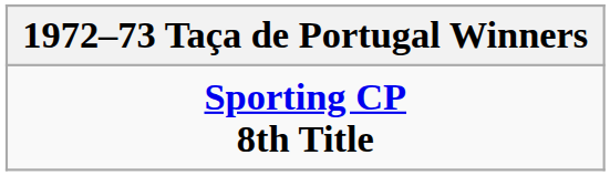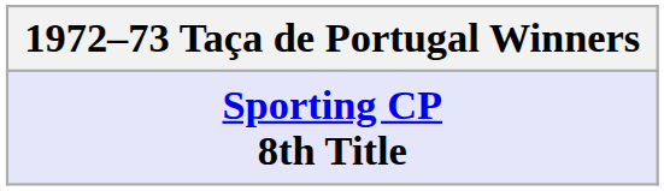 <table class="wikitable" style="text-align: center; margin: 0 auto; width: 20%">
 <tr>
 <th>1972–73 Taça de Portugal Winners</th>
 </tr>
 <tr>
-<td><strong><a href='#'>Sporting CP</a></strong><br><strong>8th Title</strong></td>
+<td style="background: lavender;"><strong><a href='#'>Sporting CP</a></strong><br><strong>8th Title</strong></td>
 </tr>
 </table>
